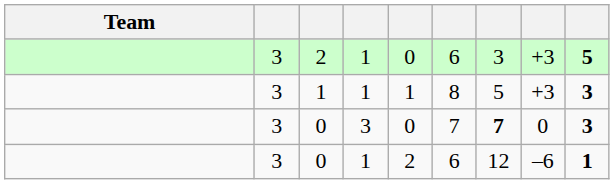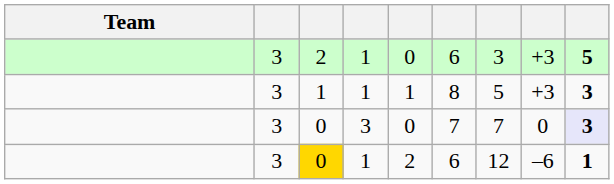 <table class="wikitable" style="text-align:center">
 <tr>
 <th width=175>Team</th>
 <th width=25></th>
 <th width=25></th>
 <th width=25></th>
 <th width=25></th>
 <th width=25></th>
 <th width=25></th>
 <th width=25></th>
 <th width=25></th>
 </tr>
 <tr align=center bgcolor=#ccffcc>
 <td align=left></td>
 <td>3</td>
 <td>2</td>
 <td>1</td>
 <td>0</td>
 <td>6</td>
 <td>3</td>
 <td>+3</td>
 <td><strong>5</strong></td>
 </tr>
 <tr>
 <td align=left></td>
 <td>3</td>
 <td>1</td>
 <td>1</td>
 <td>1</td>
 <td>8</td>
 <td>5</td>
 <td>+3</td>
 <td><strong>3</strong></td>
 </tr>
 <tr>
 <td align=left></td>
 <td>3</td>
 <td>0</td>
 <td>3</td>
 <td>0</td>
 <td>7</td>
-<td><strong>7</strong></td>
+<td>7</td>
 <td>0</td>
-<td><strong>3</strong></td>
+<td style="background: lavender;"><strong>3</strong></td>
 </tr>
 <tr>
 <td align=left></td>
 <td>3</td>
-<td>0</td>
+<td style="background: gold;">0</td>
 <td>1</td>
 <td>2</td>
 <td>6</td>
 <td>12</td>
 <td>–6</td>
 <td><strong>1</strong></td>
 </tr>
 </table>
